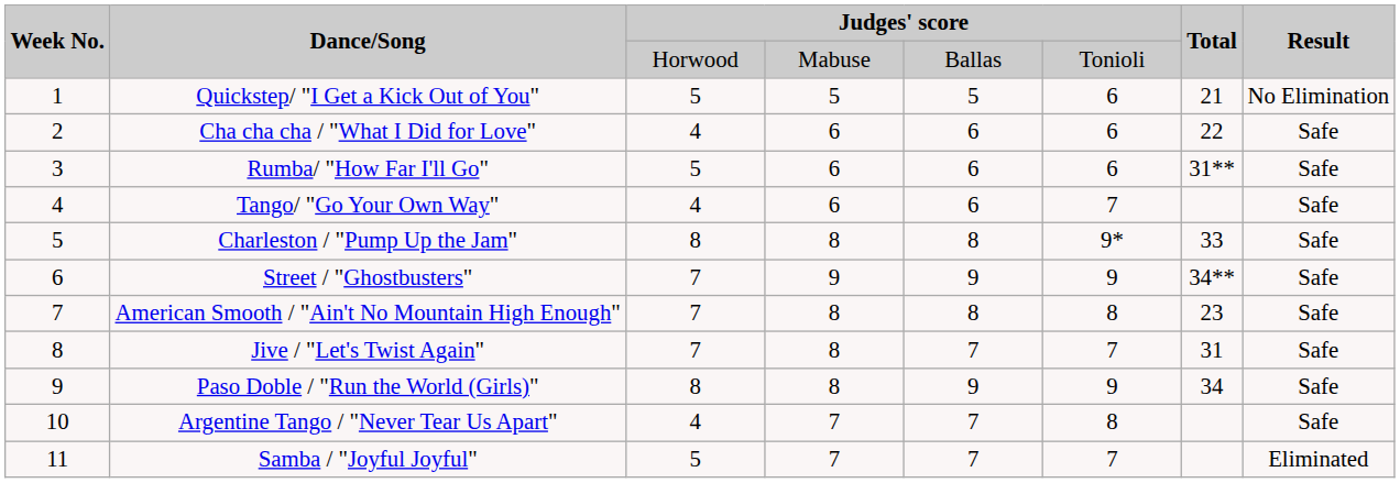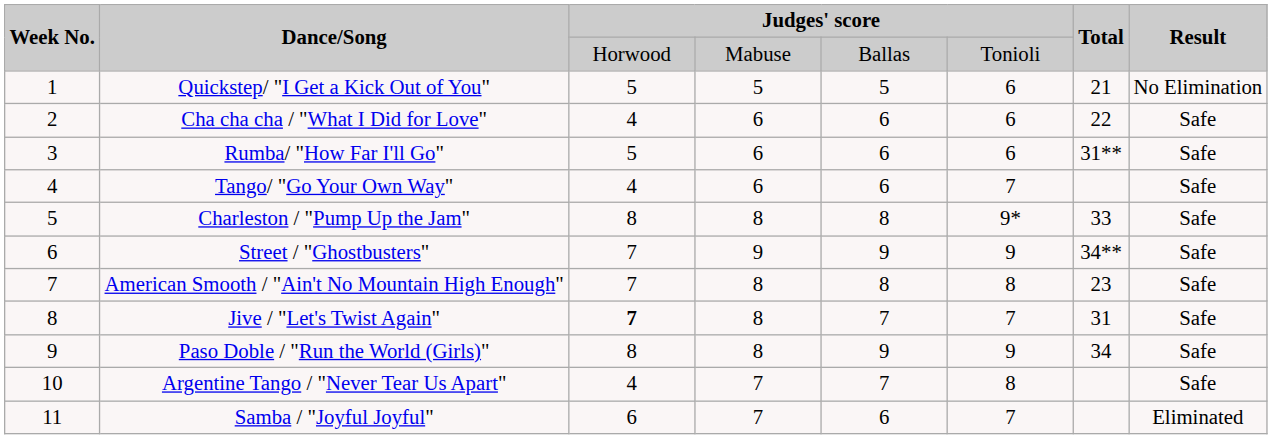 <table class="wikitable collapsible collapsed">
 <tr>
 <th rowspan="2" style="background:#ccc; text-align:Center;"><strong>Week No.</strong></th>
 <th rowspan="2" style="background:#ccc; text-align:Center;"><strong>Dance/Song</strong></th>
 <th colspan="4" style="background:#ccc; text-align:Center;"><strong>Judges' score</strong></th>
 <th rowspan="2" style="background:#ccc; text-align:Center;"><strong>Total</strong></th>
 <th rowspan="2" style="background:#ccc; text-align:Center;"><strong>Result</strong></th>
 </tr>
 <tr style="text-align:center; background:#ccc;">
 <td style="width:10%; ">Horwood</td>
 <td style="width:10%; ">Mabuse</td>
 <td style="width:10%; ">Ballas</td>
 <td style="width:10%; ">Tonioli</td>
 </tr>
 <tr style="text-align:center; background:#faf6f6">
 <td>1</td>
 <td><a href='#'>Quickstep</a>/ "<a href='#'>I Get a Kick Out of You</a>"</td>
 <td>5</td>
 <td>5</td>
 <td>5</td>
 <td>6</td>
 <td>21</td>
 <td>No Elimination</td>
 </tr>
 <tr style="text-align:center; background:#faf6f6;">
 <td>2</td>
 <td><a href='#'>Cha cha cha</a> / "<a href='#'>What I Did for Love</a>"</td>
 <td>4</td>
 <td>6</td>
 <td>6</td>
 <td>6</td>
 <td>22</td>
 <td>Safe</td>
 </tr>
 <tr style="text-align:center; background:#faf6f6;">
 <td>3</td>
 <td><a href='#'>Rumba</a>/ "<a href='#'>How Far I'll Go</a>"</td>
 <td>5</td>
 <td>6</td>
 <td>6</td>
 <td>6</td>
 <td>31**</td>
 <td>Safe</td>
 </tr>
 <tr style="text-align:center; background:#faf6f6;">
 <td>4</td>
 <td><a href='#'>Tango</a>/ "<a href='#'>Go Your Own Way</a>"</td>
 <td>4</td>
 <td>6</td>
 <td>6</td>
 <td>7</td>
 <td></td>
 <td>Safe</td>
 </tr>
 <tr style="text-align:center; background:#faf6f6;">
 <td>5</td>
 <td><a href='#'>Charleston</a> / "<a href='#'>Pump Up the Jam</a>"</td>
 <td>8</td>
 <td>8</td>
 <td>8</td>
 <td>9*</td>
 <td>33</td>
 <td>Safe</td>
 </tr>
 <tr style="text-align:center; background:#faf6f6;">
 <td>6</td>
 <td><a href='#'>Street</a> / "<a href='#'>Ghostbusters</a>"</td>
 <td>7</td>
 <td>9</td>
 <td>9</td>
 <td>9</td>
 <td>34**</td>
 <td>Safe</td>
 </tr>
 <tr style="text-align:center; background:#faf6f6;">
 <td>7</td>
 <td><a href='#'>American Smooth</a> / "<a href='#'>Ain't No Mountain High Enough</a>"</td>
 <td>7</td>
 <td>8</td>
 <td>8</td>
 <td>8</td>
 <td>23</td>
 <td>Safe</td>
 </tr>
 <tr style="text-align:center; background:#faf6f6;">
 <td>8</td>
 <td><a href='#'>Jive</a> / "<a href='#'>Let's Twist Again</a>"</td>
-<td>7</td>
+<td><strong>7</strong></td>
 <td>8</td>
 <td>7</td>
 <td>7</td>
 <td>31</td>
 <td>Safe</td>
 </tr>
 <tr style="text-align:center; background:#faf6f6;">
 <td>9</td>
 <td><a href='#'>Paso Doble</a> / "<a href='#'>Run the World (Girls)</a>"</td>
 <td>8</td>
 <td>8</td>
 <td>9</td>
 <td>9</td>
 <td>34</td>
 <td>Safe</td>
 </tr>
 <tr style="text-align:center; background:#faf6f6;">
 <td>10</td>
 <td><a href='#'>Argentine Tango</a> / "<a href='#'>Never Tear Us Apart</a>"</td>
 <td>4</td>
 <td>7</td>
 <td>7</td>
 <td>8</td>
 <td></td>
 <td>Safe</td>
 </tr>
 <tr style="text-align:center; background:#faf6f6;">
 <td>11</td>
 <td><a href='#'>Samba</a> / "<a href='#'>Joyful Joyful</a>"</td>
-<td>5</td>
+<td>6</td>
 <td>7</td>
-<td>7</td>
+<td>6</td>
 <td>7</td>
 <td></td>
 <td>Eliminated</td>
 </tr>
 </table>
